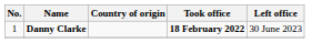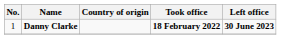 <table class="wikitable" style="font-size:90%; text-align:left;">
 <tr>
 <th>No.</th>
 <th>Name</th>
 <th>Country of origin</th>
 <th>Took office</th>
 <th>Left office</th>
 </tr>
 <tr>
 <td align=center>1</td>
 <td><strong>Danny Clarke</strong></td>
 <td></td>
 <td><strong>18 February 2022</strong></td>
-<td>30 June 2023</td>
+<td><strong>30 June 2023</strong></td>
 </tr>
 <tr>
 </tr>
 </table>
